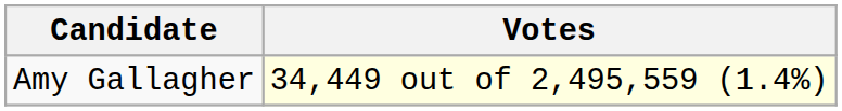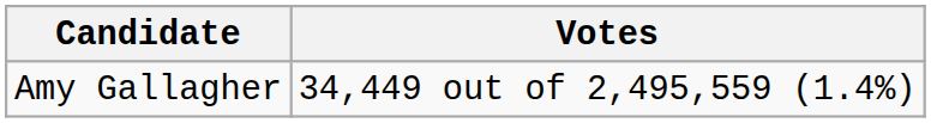 <table class="wikitable">
 <tr>
 <th>Candidate</th>
 <th>Votes</th>
 </tr>
 <tr>
 <td>Amy Gallagher</td>
-<td style="background: lightyellow;">34,449 out of 2,495,559 (1.4%)</td>
+<td>34,449 out of 2,495,559 (1.4%)</td>
 </tr>
 </table>
